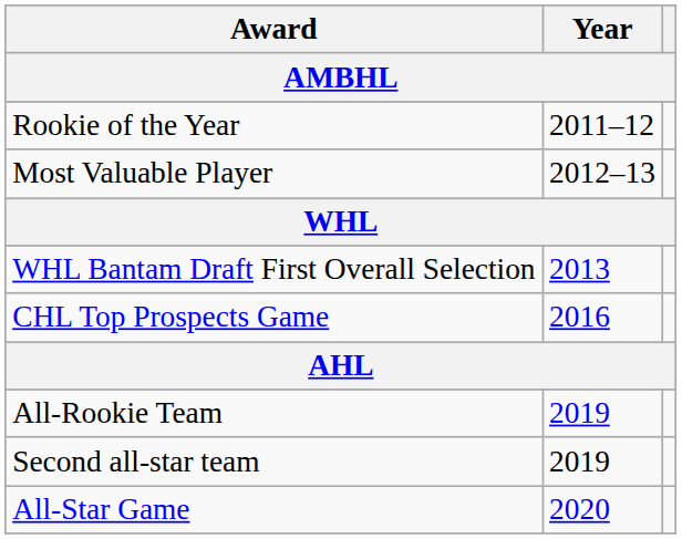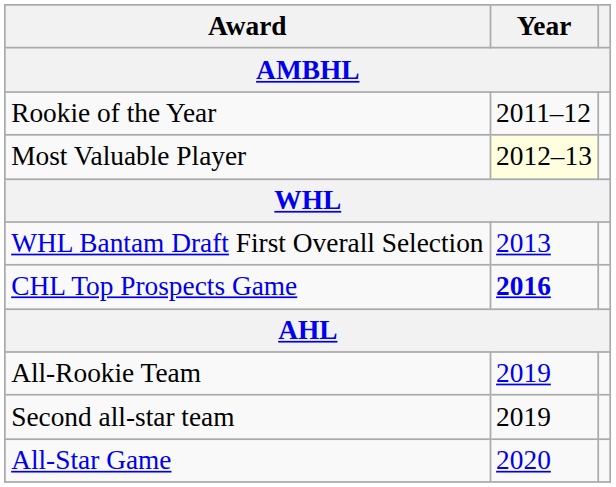 <table class="wikitable">
 <tr>
 <th>Award</th>
 <th>Year</th>
 <th></th>
 </tr>
 <tr ALIGN="center" bgcolor="#e0e0e0">
 <th colspan="3"><a href='#'>AMBHL</a></th>
 </tr>
 <tr>
 <td>Rookie of the Year</td>
 <td>2011–12</td>
 <td></td>
 </tr>
 <tr>
 <td>Most Valuable Player</td>
-<td>2012–13</td>
+<td style="background: lightyellow;">2012–13</td>
 <td></td>
 </tr>
 <tr ALIGN="center" bgcolor="#e0e0e0">
 <th colspan="3"><a href='#'>WHL</a></th>
 </tr>
 <tr>
 <td><a href='#'>WHL Bantam Draft</a> First Overall Selection</td>
 <td><a href='#'>2013</a></td>
 <td></td>
 </tr>
 <tr>
 <td><a href='#'>CHL Top Prospects Game</a></td>
-<td><a href='#'>2016</a></td>
+<td><strong><a href='#'>2016</a></strong></td>
 <td></td>
 </tr>
 <tr ALIGN="center" bgcolor="#e0e0e0">
 <th colspan="3"><a href='#'>AHL</a></th>
 </tr>
 <tr>
 <td>All-Rookie Team</td>
 <td><a href='#'>2019</a></td>
 <td></td>
 </tr>
 <tr>
 <td>Second all-star team</td>
 <td>2019</td>
 <td></td>
 </tr>
 <tr>
 <td><a href='#'>All-Star Game</a></td>
 <td><a href='#'>2020</a></td>
 <td></td>
 </tr>
 </table>
